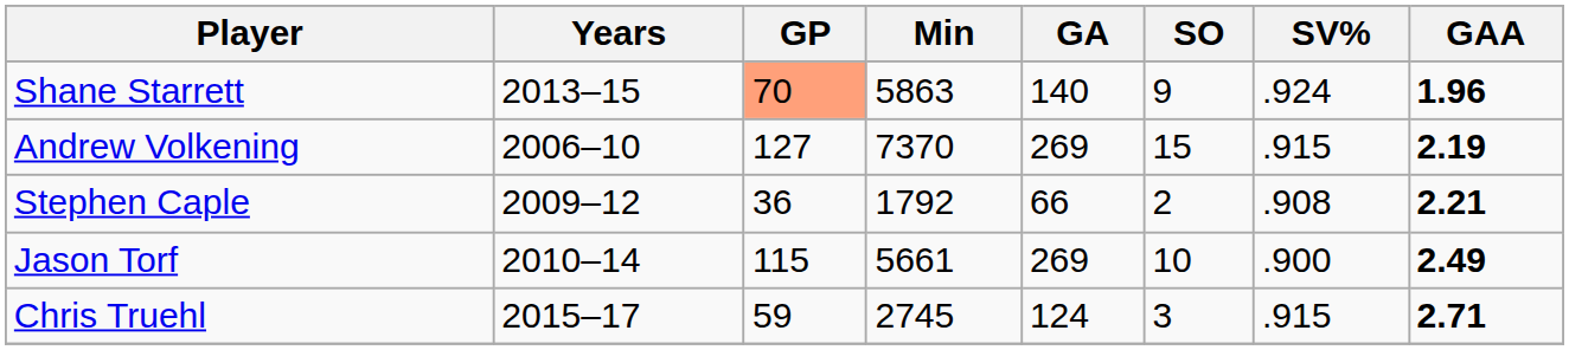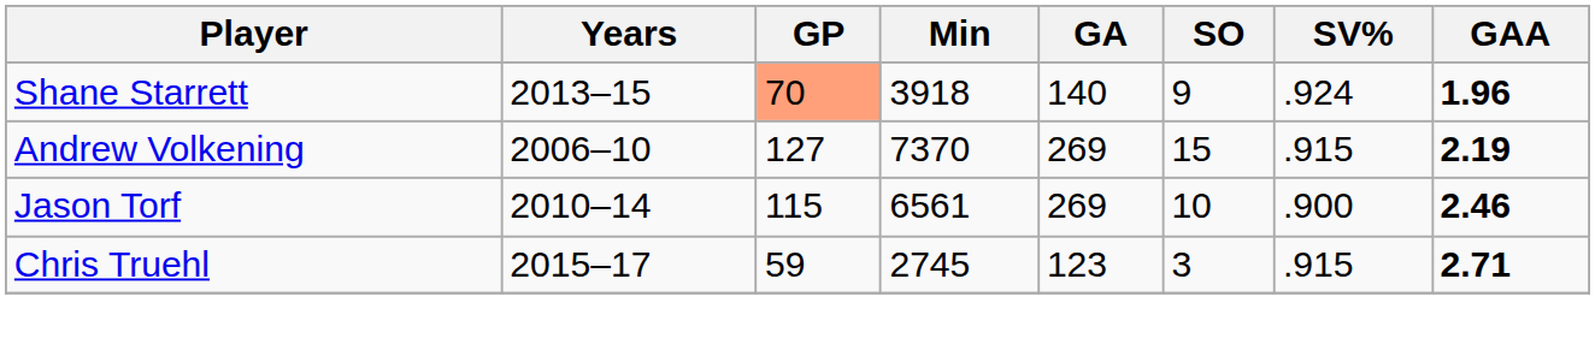 <table class="wikitable sortable" width ="700">
 <tr>
 <th>Player</th>
 <th>Years</th>
 <th>GP</th>
 <th>Min</th>
 <th>GA</th>
 <th>SO</th>
 <th>SV%</th>
 <th>GAA</th>
 </tr>
 <tr>
 <td><a href='#'>Shane Starrett</a></td>
 <td>2013–15</td>
 <td style="background: lightsalmon;">70</td>
-<td>5863</td>
+<td>3918</td>
 <td>140</td>
 <td>9</td>
 <td>.924</td>
 <td><strong>1.96</strong></td>
 </tr>
 <tr>
 <td><a href='#'>Andrew Volkening</a></td>
 <td>2006–10</td>
 <td>127</td>
 <td>7370</td>
 <td>269</td>
 <td>15</td>
 <td>.915</td>
 <td><strong>2.19</strong></td>
 </tr>
 <tr>
-<td><a href='#'>Stephen Caple</a></td>
-<td>2009–12</td>
-<td>36</td>
-<td>1792</td>
-<td>66</td>
-<td>2</td>
-<td>.908</td>
-<td><strong>2.21</strong></td>
-</tr>
-<tr>
 <td><a href='#'>Jason Torf</a></td>
 <td>2010–14</td>
 <td>115</td>
-<td>5661</td>
+<td>6561</td>
 <td>269</td>
 <td>10</td>
 <td>.900</td>
-<td><strong>2.49</strong></td>
+<td><strong>2.46</strong></td>
 </tr>
 <tr>
 <td><a href='#'>Chris Truehl</a></td>
 <td>2015–17</td>
 <td>59</td>
 <td>2745</td>
-<td>124</td>
+<td>123</td>
 <td>3</td>
 <td>.915</td>
 <td><strong>2.71</strong></td>
 </tr>
 <tr>
 </tr>
 </table>
